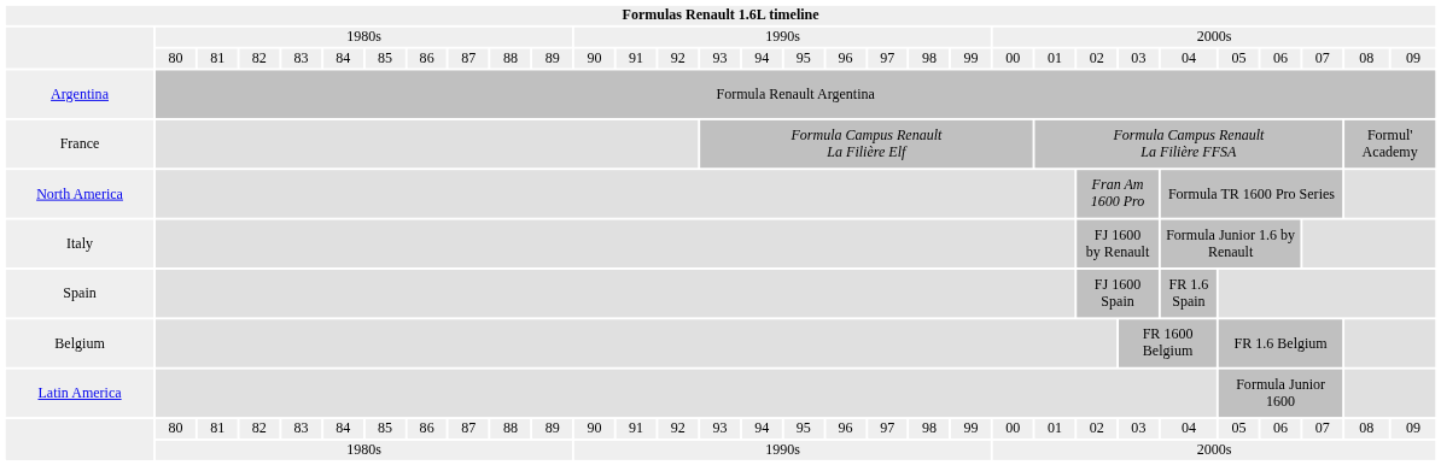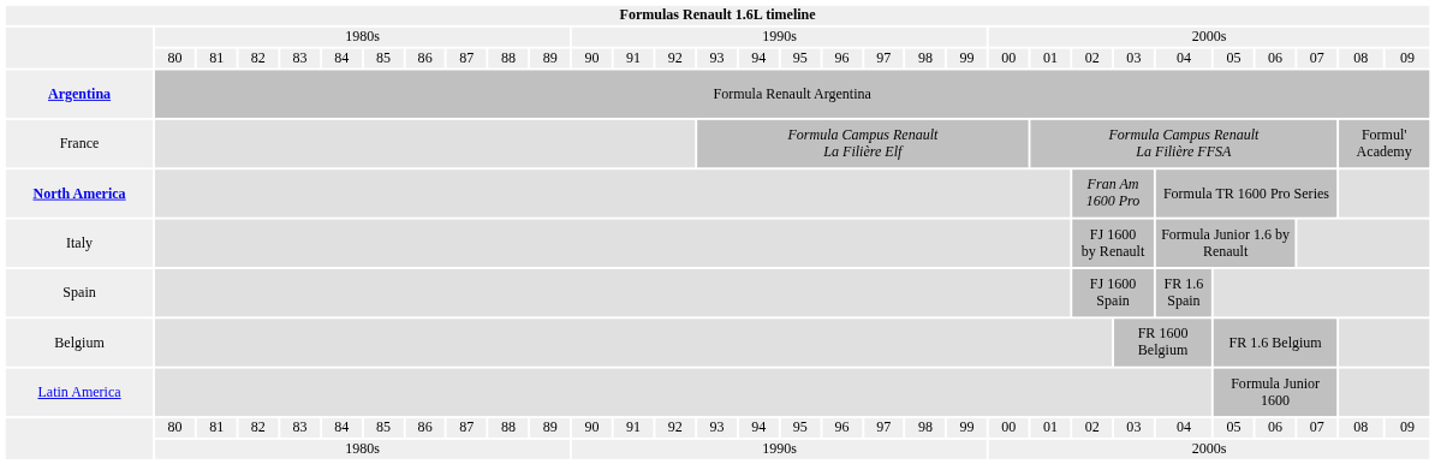 <table class="toccolours collapsible collapsed" style="margin: 0.5em auto; clear: both; font-size:80%; width:100%">
 <tr>
 <th colspan=31 style="background:#EFEFEF;"><strong>Formulas Renault 1.6L timeline</strong></th>
 </tr>
 <tr>
 <td align=center rowspan=2 width=80 style="background:#EFEFEF;"></td>
 <td align=center colspan=10 style="background:#EFEFEF;">1980s</td>
 <td align=center colspan=10 style="background:#EFEFEF;">1990s</td>
 <td align=center colspan=10 style="background:#EFEFEF;">2000s</td>
 </tr>
 <tr align=center style="background:#EFEFEF;">
 <td width=20>80</td>
 <td width=20>81</td>
 <td width=20>82</td>
 <td width=20>83</td>
 <td width=20>84</td>
 <td width=20>85</td>
 <td width=20>86</td>
 <td width=20>87</td>
 <td width=20>88</td>
 <td width=20>89</td>
 <td width=20>90</td>
 <td width=20>91</td>
 <td width=20>92</td>
 <td width=20>93</td>
 <td width=20>94</td>
 <td width=20>95</td>
 <td width=20>96</td>
 <td width=20>97</td>
 <td width=20>98</td>
 <td width=20>99</td>
 <td width=20>00</td>
 <td width=20>01</td>
 <td width=20>02</td>
 <td width=20>03</td>
 <td width=20>04</td>
 <td width=20>05</td>
 <td width=20>06</td>
 <td width=20>07</td>
 <td width=20>08</td>
 <td width=20>09</td>
 </tr>
 <tr align=center>
-<td style="background:#EFEFEF;" height=40><a href='#'>Argentina</a></td>
+<td style="background:#EFEFEF;" height=40><strong><a href='#'>Argentina</a></strong></td>
 <td colspan=30 style="background:#C0C0C0;">Formula Renault Argentina</td>
 </tr>
 <tr align=center>
 <td style="background:#EFEFEF;" height=40>France</td>
 <td colspan=13 style="background:#E0E0E0;"></td>
 <td colspan= 8 style="background:#C0C0C0;"><em>Formula Campus Renault<br>La Filière Elf</em></td>
 <td colspan= 7 style="background:#C0C0C0;"><em>Formula Campus Renault<br>La Filière FFSA</em></td>
 <td colspan= 2 style="background:#C0C0C0;">Formul' Academy</td>
 </tr>
 <tr align=center>
-<td style="background:#EFEFEF;" height=40><a href='#'>North America</a></td>
+<td style="background:#EFEFEF;" height=40><strong><a href='#'>North America</a></strong></td>
 <td colspan=22 style="background:#E0E0E0;"></td>
 <td colspan= 2 style="background:#C0C0C0;"><em>Fran Am 1600 Pro</em></td>
 <td colspan= 4 style="background:#C0C0C0;">Formula TR 1600 Pro Series</td>
 <td colspan= 2 style="background:#E0E0E0;"></td>
 </tr>
 <tr align=center>
 <td style="background:#EFEFEF;" height=40>Italy</td>
 <td colspan=22 style="background:#E0E0E0;"></td>
 <td colspan= 2 style="background:#C0C0C0;">FJ 1600<br>by Renault</td>
 <td colspan= 3 style="background:#C0C0C0;">Formula Junior 1.6 by Renault</td>
 <td colspan= 3 style="background:#E0E0E0;"></td>
 </tr>
 <tr align=center>
 <td style="background:#EFEFEF;" height=40>Spain</td>
 <td colspan=22 style="background:#E0E0E0;"></td>
 <td colspan= 2 style="background:#C0C0C0;">FJ 1600 Spain</td>
 <td style="background:#C0C0C0;">FR 1.6 Spain</td>
 <td colspan= 5 style="background:#E0E0E0;"></td>
 </tr>
 <tr align=center>
 <td style="background:#EFEFEF;" height=40>Belgium</td>
 <td colspan=23 style="background:#E0E0E0;"></td>
 <td colspan= 2 style="background:#C0C0C0;">FR 1600 Belgium</td>
 <td colspan= 3 style="background:#C0C0C0;">FR 1.6 Belgium</td>
 <td colspan= 2 style="background:#E0E0E0;"></td>
 </tr>
 <tr align=center>
 <td style="background:#EFEFEF;" height=40><a href='#'>Latin America</a></td>
 <td colspan=25 style="background:#E0E0E0;"></td>
 <td colspan= 3 style="background:#C0C0C0;">Formula Junior 1600</td>
 <td colspan= 2 style="background:#E0E0E0;"></td>
 </tr>
 <tr align=center style="background:#EFEFEF;">
 <td align=center rowspan=2 style="background:#EFEFEF;"></td>
 <td>80</td>
 <td>81</td>
 <td>82</td>
 <td>83</td>
 <td>84</td>
 <td>85</td>
 <td>86</td>
 <td>87</td>
 <td>88</td>
 <td>89</td>
 <td>90</td>
 <td>91</td>
 <td>92</td>
 <td>93</td>
 <td>94</td>
 <td>95</td>
 <td>96</td>
 <td>97</td>
 <td>98</td>
 <td>99</td>
 <td>00</td>
 <td>01</td>
 <td>02</td>
 <td>03</td>
 <td>04</td>
 <td>05</td>
 <td>06</td>
 <td>07</td>
 <td>08</td>
 <td>09</td>
 </tr>
 <tr>
 <td align=center colspan=10 style="background:#EFEFEF;">1980s</td>
 <td align=center colspan=10 style="background:#EFEFEF;">1990s</td>
 <td align=center colspan=10 style="background:#EFEFEF;">2000s</td>
 </tr>
 </table>
